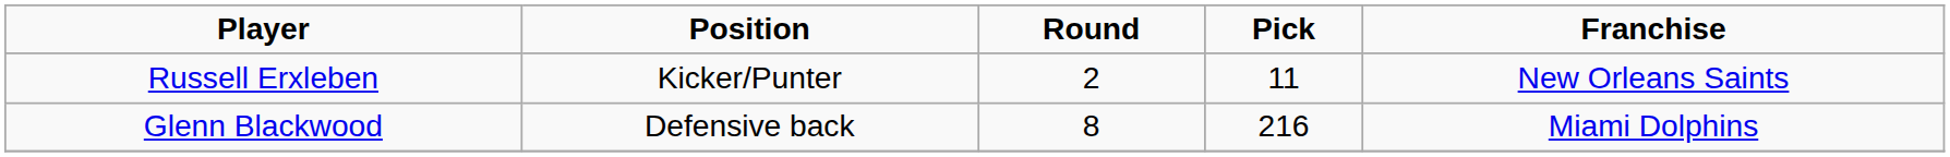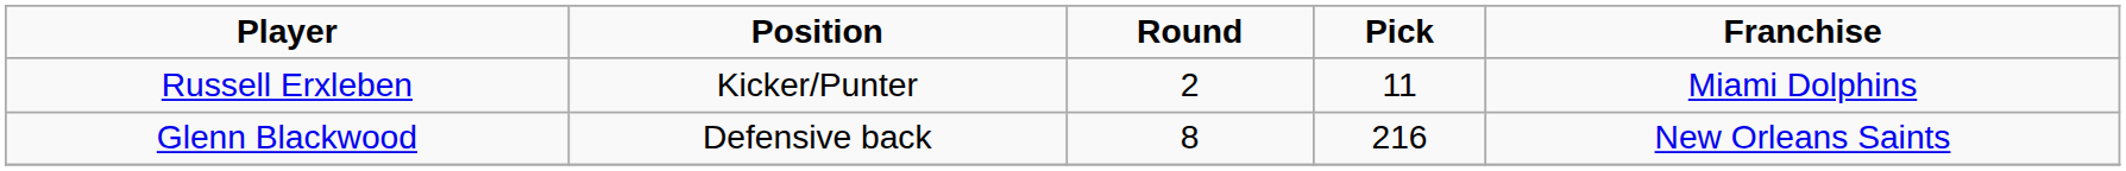 <table class="wikitable" width="80%">
 <tr align="center">
 <td><strong>Player</strong></td>
 <td><strong>Position</strong></td>
 <td><strong>Round</strong></td>
 <td><strong>Pick</strong></td>
 <td><strong>Franchise</strong></td>
 </tr>
 <tr align="center" bgcolor="">
 <td><a href='#'>Russell Erxleben</a></td>
 <td>Kicker/Punter</td>
 <td>2</td>
 <td>11</td>
-<td><a href='#'>New Orleans Saints</a></td>
+<td><a href='#'>Miami Dolphins</a></td>
 </tr>
 <tr align="center" bgcolor="">
 <td><a href='#'>Glenn Blackwood</a></td>
 <td>Defensive back</td>
 <td>8</td>
 <td>216</td>
-<td><a href='#'>Miami Dolphins</a></td>
+<td><a href='#'>New Orleans Saints</a></td>
 </tr>
 <tr align="center" bgcolor="">
 </tr>
 </table>
